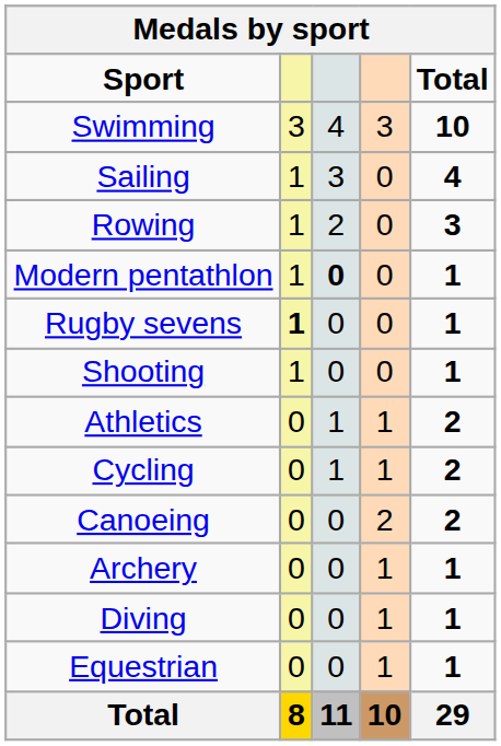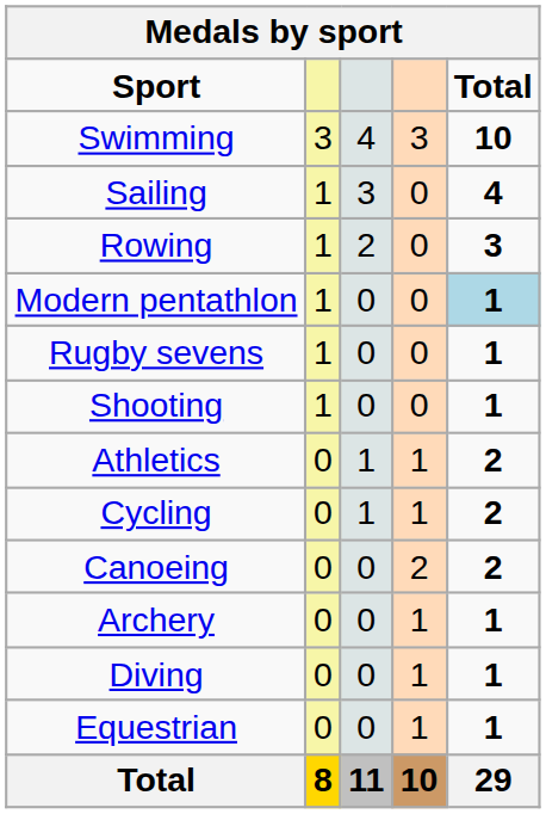 <table class="wikitable" style="font-size:85%; float:right">
 <tr style="background:#efefef;">
 <th colspan=7>Medals by sport</th>
 </tr>
 <tr align=center>
 <td><strong>Sport</strong></td>
 <td bgcolor=#f7f6a8></td>
 <td bgcolor=#dce5e5></td>
 <td bgcolor=#ffdab9></td>
 <td><strong>Total</strong></td>
 </tr>
 <tr align=center>
 <td><a href='#'>Swimming</a></td>
 <td style="background:#F7F6A8;">3</td>
 <td style="background:#DCE5E5;">4</td>
 <td style="background:#FFDAB9;">3</td>
 <td><strong>10</strong></td>
 </tr>
 <tr align=center>
 <td><a href='#'>Sailing</a></td>
 <td style="Background:#F7F6A8;">1</td>
 <td style="background:#DCE5E5;">3</td>
 <td style="background:#FFDAB9;">0</td>
 <td><strong>4</strong></td>
 </tr>
 <tr align=center>
 <td><a href='#'>Rowing</a></td>
 <td style="background:#F7F6A8;">1</td>
 <td style="background:#DCE5E5;">2</td>
 <td style="background:#FFDAB9;">0</td>
 <td><strong>3</strong></td>
 </tr>
 <tr align=center>
 <td><a href='#'>Modern pentathlon</a></td>
 <td style="Background:#F7F6A8;">1</td>
-<td style="background:#DCE5E5;"><strong>0</strong></td>
+<td style="background:#DCE5E5;">0</td>
 <td style="background:#FFDAB9;">0</td>
-<td><strong>1</strong></td>
+<td style="background: lightblue;"><strong>1</strong></td>
 </tr>
 <tr align=center>
 <td><a href='#'>Rugby sevens</a></td>
-<td style="Background:#F7F6A8;"><strong>1</strong></td>
+<td style="Background:#F7F6A8;">1</td>
 <td style="background:#DCE5E5;">0</td>
 <td style="background:#FFDAB9;">0</td>
 <td><strong>1</strong></td>
 </tr>
 <tr align=center>
 <td><a href='#'>Shooting</a></td>
 <td style="Background:#F7F6A8;">1</td>
 <td style="background:#DCE5E5;">0</td>
 <td style="background:#FFDAB9;">0</td>
 <td><strong>1</strong></td>
 </tr>
 <tr align=center>
 <td><a href='#'>Athletics</a></td>
 <td style="Background:#F7F6A8;">0</td>
 <td style="background:#DCE5E5;">1</td>
 <td style="background:#FFDAB9;">1</td>
 <td><strong>2</strong></td>
 </tr>
 <tr align=center>
 <td><a href='#'>Cycling</a></td>
 <td style="background:#F7F6A8;">0</td>
 <td style="background:#DCE5E5;">1</td>
 <td style="background:#FFDAB9;">1</td>
 <td><strong>2</strong></td>
 </tr>
 <tr align=center>
 <td><a href='#'>Canoeing</a></td>
 <td style="Background:#F7F6A8;">0</td>
 <td style="background:#DCE5E5;">0</td>
 <td style="background:#FFDAB9;">2</td>
 <td><strong>2</strong></td>
 </tr>
 <tr align=center>
 <td><a href='#'>Archery</a></td>
 <td style="background:#F7F6A8;">0</td>
 <td style="background:#DCE5E5;">0</td>
 <td style="background:#FFDAB9;">1</td>
 <td><strong>1</strong></td>
 </tr>
 <tr align=center>
 <td><a href='#'>Diving</a></td>
 <td style="Background:#F7F6A8;">0</td>
 <td style="background:#DCE5E5;">0</td>
 <td style="background:#FFDAB9;">1</td>
 <td><strong>1</strong></td>
 </tr>
 <tr align=center>
 <td><a href='#'>Equestrian</a></td>
 <td style="Background:#F7F6A8;">0</td>
 <td style="background:#DCE5E5;">0</td>
 <td style="background:#FFDAB9;">1</td>
 <td><strong>1</strong></td>
 </tr>
 <tr align=center>
 <th>Total</th>
 <th style="background:gold;">8</th>
 <th style="background:silver;">11</th>
 <th style="background:#c96;">10</th>
 <th>29</th>
 </tr>
 </table>
